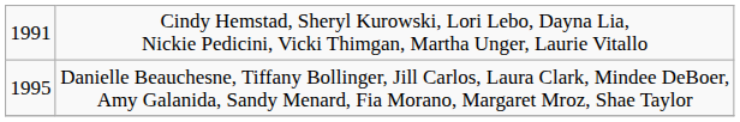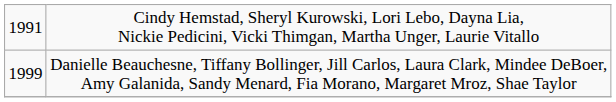 <table class="wikitable">
 <tr>
 <td>1991</td>
 <td style="text-align: center;">Cindy Hemstad, Sheryl Kurowski, Lori Lebo, Dayna Lia,<br>Nickie Pedicini, Vicki Thimgan, Martha Unger, Laurie Vitallo</td>
 </tr>
 <tr>
-<td>1995</td>
+<td>1999</td>
 <td style="text-align: center;">Danielle Beauchesne, Tiffany Bollinger, Jill Carlos, Laura Clark, Mindee DeBoer,<br>Amy Galanida, Sandy Menard, Fia Morano, Margaret Mroz, Shae Taylor</td>
 </tr>
 <tr>
 </tr>
 </table>
